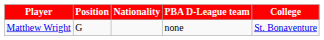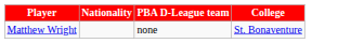 <table class="wikitable sortable sortable">
 <tr>
 <th style="background:#FF0000; color:#FFFFFF; ">Player</th>
-<th style="background:#FF0000; color:#FFFFFF; ">Position</th>
 <th style="background:#FF0000; color:#FFFFFF; ">Nationality</th>
 <th style="background:#FF0000; color:#FFFFFF; ">PBA D-League team</th>
 <th style="background:#FF0000; color:#FFFFFF; ">College</th>
 </tr>
 <tr>
 <td><a href='#'>Matthew Wright</a></td>
-<td>G</td>
 <td></td>
 <td>none</td>
 <td><a href='#'>St. Bonaventure</a></td>
 </tr>
 </table>
